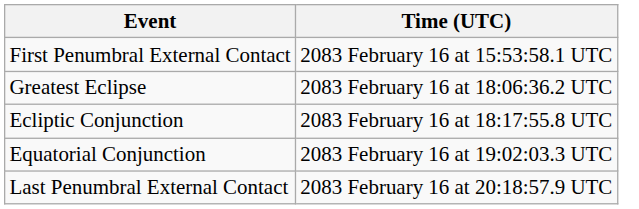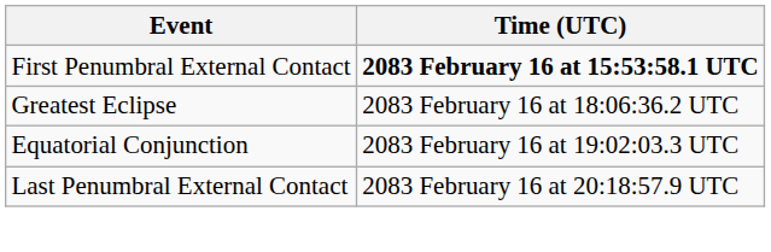 <table class="wikitable">
 <tr>
 <th>Event</th>
 <th>Time (UTC)</th>
 </tr>
 <tr>
 <td>First Penumbral External Contact</td>
-<td>2083 February 16 at 15:53:58.1 UTC</td>
+<td><strong>2083 February 16 at 15:53:58.1 UTC</strong></td>
 </tr>
 <tr>
 <td>Greatest Eclipse</td>
 <td>2083 February 16 at 18:06:36.2 UTC</td>
-</tr>
-<tr>
-<td>Ecliptic Conjunction</td>
-<td>2083 February 16 at 18:17:55.8 UTC</td>
 </tr>
 <tr>
 <td>Equatorial Conjunction</td>
 <td>2083 February 16 at 19:02:03.3 UTC</td>
 </tr>
 <tr>
 <td>Last Penumbral External Contact</td>
 <td>2083 February 16 at 20:18:57.9 UTC</td>
 </tr>
 </table>
